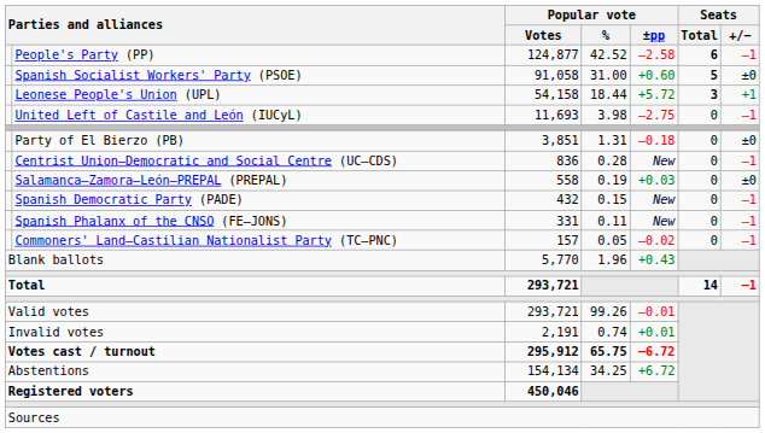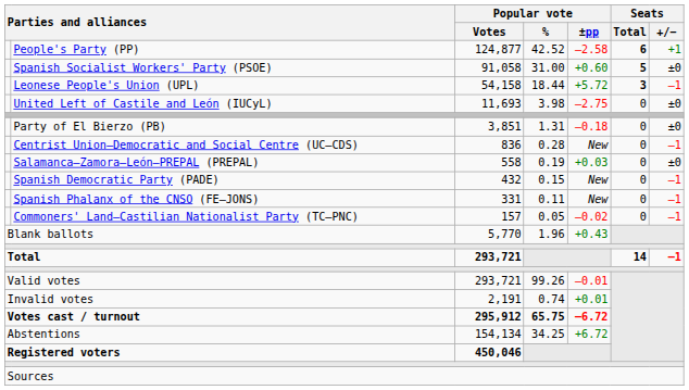 <table class="wikitable" style="text-align:right;">
 <tr>
 <th style="text-align:left;" rowspan="2" colspan="2" width="525">Parties and alliances</th>
 <th colspan="3">Popular vote</th>
 <th colspan="2">Seats</th>
 </tr>
 <tr>
 <th width="75">Votes</th>
 <th width="45">%</th>
 <th width="45">±<a href='#'>pp</a></th>
 <th width="35">Total</th>
 <th width="35">+/−</th>
 </tr>
 <tr>
 <td width="1" style="color:inherit;background:"></td>
 <td align="left"><a href='#'>People's Party</a> (PP)</td>
 <td>124,877</td>
 <td>42.52</td>
 <td style="color:red;">–2.58</td>
 <td><strong>6</strong></td>
-<td style="color:red;">–1</td>
+<td style="color:green;">+1</td>
 </tr>
 <tr>
 <td style="color:inherit;background:"></td>
 <td align="left"><a href='#'>Spanish Socialist Workers' Party</a> (PSOE)</td>
 <td>91,058</td>
 <td>31.00</td>
 <td style="color:green;">+0.60</td>
 <td><strong>5</strong></td>
 <td>±0</td>
 </tr>
 <tr>
 <td style="color:inherit;background:"></td>
 <td align="left"><a href='#'>Leonese People's Union</a> (UPL)</td>
 <td>54,158</td>
 <td>18.44</td>
 <td style="color:green;">+5.72</td>
 <td><strong>3</strong></td>
-<td style="color:green;">+1</td>
+<td style="color:red;">–1</td>
 </tr>
 <tr>
 <td style="color:inherit;background:"></td>
 <td align="left"><a href='#'>United Left of Castile and León</a> (IUCyL)</td>
 <td>11,693</td>
 <td>3.98</td>
 <td style="color:red;">–2.75</td>
 <td>0</td>
-<td style="color:red;">–1</td>
+<td>±0</td>
 </tr>
 <tr>
 <td colspan="7" bgcolor="#C0C0C0"></td>
 </tr>
 <tr>
 <td style="color:inherit;background:"></td>
 <td align="left">Party of El Bierzo (PB)</td>
 <td>3,851</td>
 <td>1.31</td>
 <td style="color:red;">–0.18</td>
 <td>0</td>
 <td>±0</td>
 </tr>
 <tr>
 <td style="color:inherit;background:"></td>
 <td align="left"><a href='#'>Centrist Union–Democratic and Social Centre</a> (UC–CDS)</td>
 <td>836</td>
 <td>0.28</td>
 <td><em>New</em></td>
 <td>0</td>
 <td style="color:red;">–1</td>
 </tr>
 <tr>
 <td style="color:inherit;background:"></td>
 <td align="left"><a href='#'>Salamanca–Zamora–León–PREPAL</a> (PREPAL)</td>
 <td>558</td>
 <td>0.19</td>
 <td style="color:green;">+0.03</td>
 <td>0</td>
 <td>±0</td>
 </tr>
 <tr>
 <td style="color:inherit;background:"></td>
 <td align="left"><a href='#'>Spanish Democratic Party</a> (PADE)</td>
 <td>432</td>
 <td>0.15</td>
 <td><em>New</em></td>
 <td>0</td>
 <td style="color:red;">–1</td>
 </tr>
 <tr>
 <td style="color:inherit;background:"></td>
 <td align="left"><a href='#'>Spanish Phalanx of the CNSO</a> (FE–JONS)</td>
 <td>331</td>
 <td>0.11</td>
 <td><em>New</em></td>
 <td>0</td>
 <td style="color:red;">–1</td>
 </tr>
 <tr>
 <td style="color:inherit;background:"></td>
 <td align="left"><a href='#'>Commoners' Land–Castilian Nationalist Party</a> (TC–PNC)</td>
 <td>157</td>
 <td>0.05</td>
 <td style="color:red;">–0.02</td>
 <td>0</td>
 <td style="color:red;">–1</td>
 </tr>
 <tr>
 <td align="left" colspan="2">Blank ballots</td>
 <td>5,770</td>
 <td>1.96</td>
 <td style="color:green;">+0.43</td>
 <td bgcolor="#E9E9E9" colspan="2"></td>
 </tr>
 <tr>
 <td colspan="7" bgcolor="#E9E9E9"></td>
 </tr>
 <tr style="font-weight:bold;">
 <td align="left" colspan="2">Total</td>
 <td>293,721</td>
 <td bgcolor="#E9E9E9" colspan="2"></td>
 <td>14</td>
 <td style="color:red;">–1</td>
 </tr>
 <tr>
 <td colspan="7" bgcolor="#E9E9E9"></td>
 </tr>
 <tr>
 <td align="left" colspan="2">Valid votes</td>
 <td>293,721</td>
 <td>99.26</td>
 <td style="color:red;">–0.01</td>
 <td bgcolor="#E9E9E9" colspan="2" rowspan="5"></td>
 </tr>
 <tr>
 <td align="left" colspan="2">Invalid votes</td>
 <td>2,191</td>
 <td>0.74</td>
 <td style="color:green;">+0.01</td>
 </tr>
 <tr style="font-weight:bold;">
 <td align="left" colspan="2">Votes cast / turnout</td>
 <td>295,912</td>
 <td>65.75</td>
 <td style="color:red;">–6.72</td>
 </tr>
 <tr>
 <td align="left" colspan="2">Abstentions</td>
 <td>154,134</td>
 <td>34.25</td>
 <td style="color:green;">+6.72</td>
 </tr>
 <tr style="font-weight:bold;">
 <td align="left" colspan="2">Registered voters</td>
 <td>450,046</td>
 <td bgcolor="#E9E9E9" colspan="2"></td>
 </tr>
 <tr>
 <td colspan="7" bgcolor="#E9E9E9"></td>
 </tr>
 <tr>
 <td align="left" colspan="7">Sources</td>
 </tr>
 </table>
